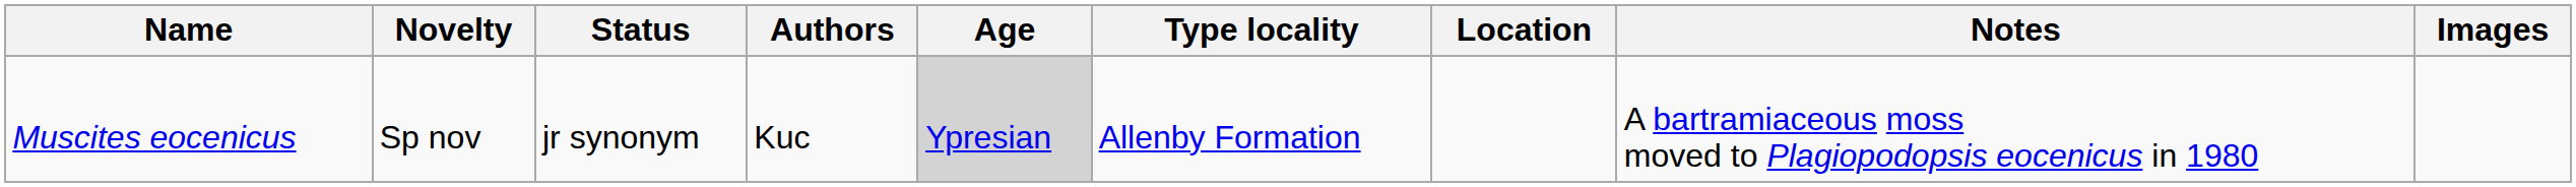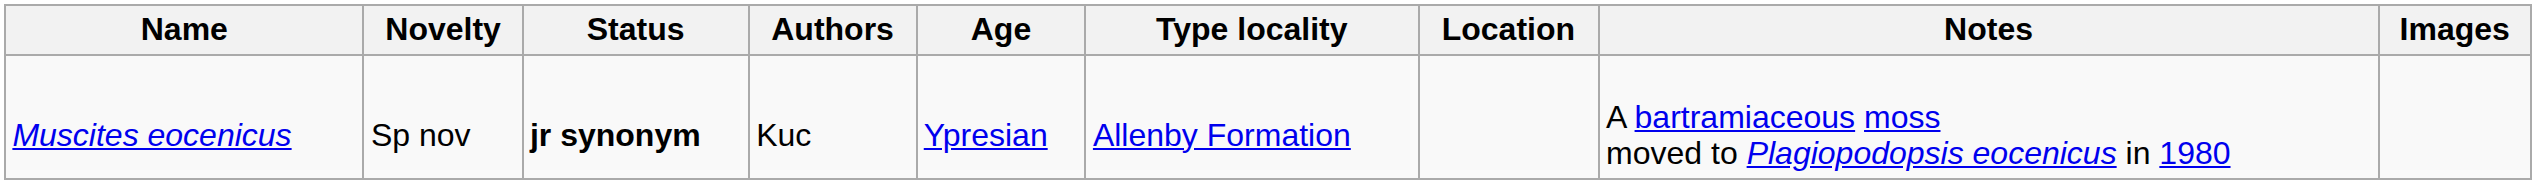 <table class="wikitable sortable" align="center" width="100%">
 <tr>
 <th>Name</th>
 <th>Novelty</th>
 <th>Status</th>
 <th>Authors</th>
 <th>Age</th>
 <th>Type locality</th>
 <th>Location</th>
 <th>Notes</th>
 <th>Images</th>
 </tr>
 <tr>
 <td><br><em><a href='#'>Muscites eocenicus</a></em></td>
 <td><br>Sp nov</td>
-<td><br>jr synonym</td>
+<td><strong><br>jr synonym</strong></td>
 <td><br>Kuc</td>
-<td style="background: lightgrey;"><br><a href='#'>Ypresian</a></td>
+<td><br><a href='#'>Ypresian</a></td>
 <td><br><a href='#'>Allenby Formation</a></td>
 <td><br><br></td>
 <td><br>A <a href='#'>bartramiaceous</a> <a href='#'>moss</a><br> moved to <em><a href='#'>Plagiopodopsis eocenicus</a></em> in <a href='#'>1980</a></td>
 <td></td>
 </tr>
 <tr>
 </tr>
 </table>
